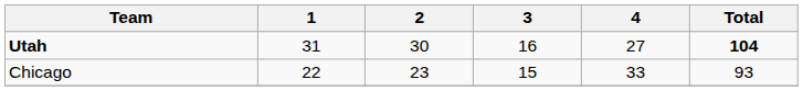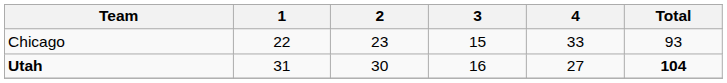 <table class="wikitable">
 <tr style="text-align:center;">
 <th align=left width=14%>Team</th>
 <th width=6%>1</th>
 <th width=6%>2</th>
 <th width=6%>3</th>
 <th width=6%>4</th>
 <th width=6%>Total</th>
 </tr>
 <tr style="text-align:center;">
+<td align=left>Chicago</td>
+<td>22</td>
+<td>23</td>
+<td>15</td>
+<td>33</td>
+<td>93</td>
+</tr>
+<tr style="text-align:center;">
 <td align=left><strong>Utah</strong></td>
 <td>31</td>
 <td>30</td>
 <td>16</td>
 <td>27</td>
 <td><strong>104</strong></td>
 </tr>
 <tr style="text-align:center;">
-<td align=left>Chicago</td>
-<td>22</td>
-<td>23</td>
-<td>15</td>
-<td>33</td>
-<td>93</td>
-</tr>
-<tr style="text-align:center;">
 </tr>
 </table>
